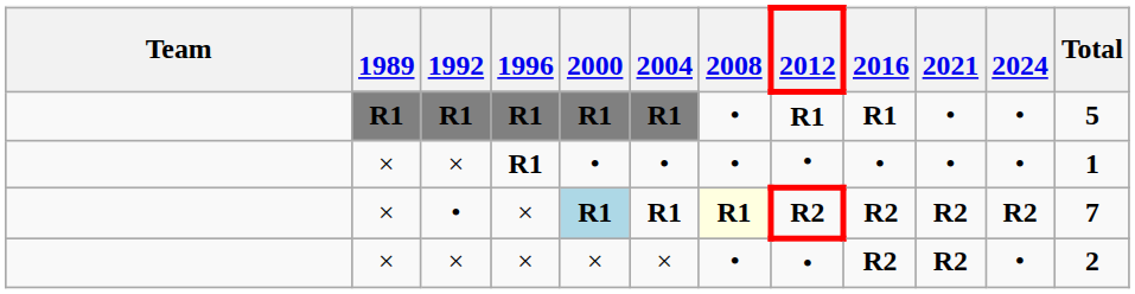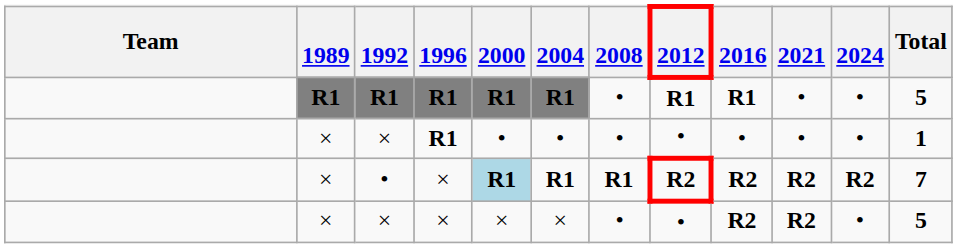 <table class="wikitable" style="text-align:center; font-size:90%">
 <tr>
 <th width=170>Team</th>
 <th><br><a href='#'>1989</a></th>
 <th><br><a href='#'>1992</a></th>
 <th><br><a href='#'>1996</a></th>
 <th><br><a href='#'>2000</a></th>
 <th><br><a href='#'>2004</a></th>
 <th><br><a href='#'>2008</a></th>
 <th style="border:3px solid red"><br><a href='#'>2012</a></th>
 <th><br><a href='#'>2016</a></th>
 <th><br><a href='#'>2021</a></th>
 <th><br><a href='#'>2024</a></th>
 <th>Total</th>
 </tr>
 <tr>
 <td align=left></td>
 <td bgcolor=gray><strong>R1</strong></td>
 <td bgcolor=gray><strong>R1</strong></td>
 <td bgcolor=gray><strong>R1</strong></td>
 <td bgcolor=gray><strong>R1</strong></td>
 <td bgcolor=gray><strong>R1</strong></td>
 <td>•</td>
 <td><strong>R1</strong></td>
 <td><strong>R1</strong></td>
 <td>•</td>
 <td>•</td>
 <td><strong>5</strong></td>
 </tr>
 <tr>
 <td align=left></td>
 <td>×</td>
 <td>×</td>
 <td><strong>R1</strong></td>
 <td>•</td>
 <td>•</td>
 <td>•</td>
 <td>•</td>
 <td>•</td>
 <td>•</td>
 <td>•</td>
 <td><strong>1</strong></td>
 </tr>
 <tr>
 <td align=left></td>
 <td>×</td>
 <td>•</td>
 <td>×</td>
 <td style="background: lightblue;"><strong>R1</strong></td>
 <td><strong>R1</strong></td>
-<td style="background: lightyellow;"><strong>R1</strong></td>
+<td><strong>R1</strong></td>
 <td style="border: 3px solid red"><strong>R2</strong></td>
 <td><strong>R2</strong></td>
 <td><strong>R2</strong></td>
 <td><strong>R2</strong></td>
 <td><strong>7</strong></td>
 </tr>
 <tr>
 <td align=left></td>
 <td>×</td>
 <td>×</td>
 <td>×</td>
 <td>×</td>
 <td>×</td>
 <td>•</td>
 <td>•</td>
 <td><strong>R2</strong></td>
 <td><strong>R2</strong></td>
 <td>•</td>
-<td><strong>2</strong></td>
+<td><strong>5</strong></td>
 </tr>
 </table>
